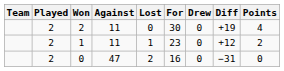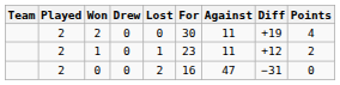 <table class="wikitable" style="text-align:center">
 <tr>
 <th>Team</th>
 <th>Played</th>
 <th>Won</th>
-<th>Against</th>
+<th>Drew</th>
 <th>Lost</th>
 <th>For</th>
-<th>Drew</th>
+<th>Against</th>
 <th>Diff</th>
 <th>Points</th>
 </tr>
 <tr>
 <td align=left></td>
 <td>2</td>
 <td>2</td>
-<td>11</td>
+<td>0</td>
 <td>0</td>
 <td>30</td>
-<td>0</td>
+<td>11</td>
 <td>+19</td>
 <td>4</td>
 </tr>
 <tr>
 <td align=left></td>
 <td>2</td>
 <td>1</td>
-<td>11</td>
+<td>0</td>
 <td>1</td>
 <td>23</td>
-<td>0</td>
+<td>11</td>
 <td>+12</td>
 <td>2</td>
 </tr>
 <tr>
 <td align=left></td>
 <td>2</td>
 <td>0</td>
-<td>47</td>
+<td>0</td>
 <td>2</td>
 <td>16</td>
-<td>0</td>
+<td>47</td>
 <td>−31</td>
 <td>0</td>
 </tr>
 </table>
